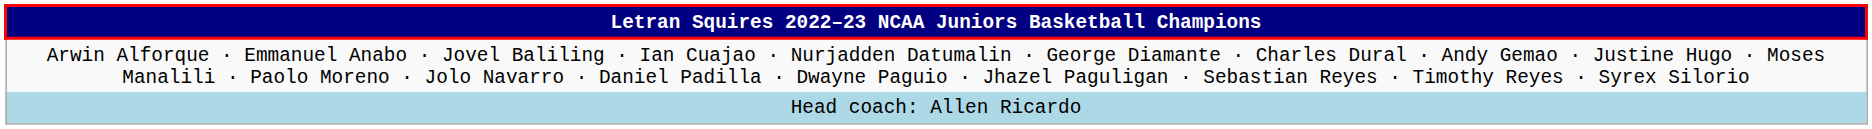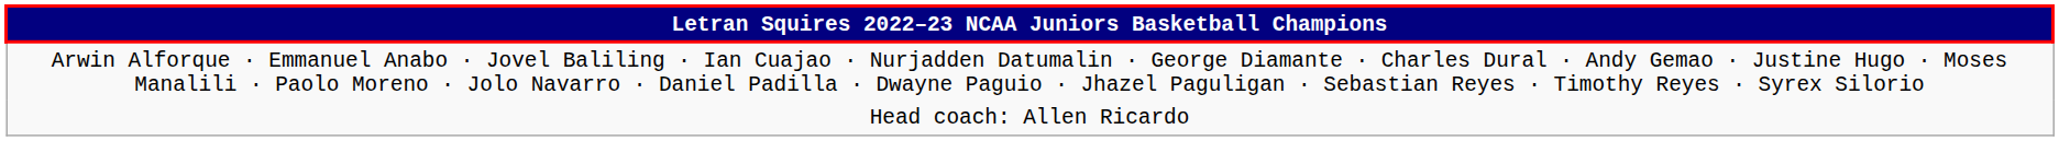 <table class="wikitable" style="text-align: center">
 <tr>
 <th style = "background:#020080; border:2px solid red; color:white">Letran Squires 2022–23 NCAA Juniors Basketball Champions</th>
 </tr>
 <tr>
 <td style="border-style: none none none none;">Arwin Alforque · Emmanuel Anabo · Jovel Baliling · Ian Cuajao · Nurjadden Datumalin · George Diamante · Charles Dural · Andy Gemao · Justine Hugo · Moses Manalili · Paolo Moreno · Jolo Navarro · Daniel Padilla · Dwayne Paguio · Jhazel Paguligan · Sebastian Reyes · Timothy Reyes · Syrex Silorio</td>
 </tr>
 <tr>
-<td style="background: lightblue; border-style: none none none none;">Head coach: Allen Ricardo</td>
+<td style="border-style: none none none none;">Head coach: Allen Ricardo</td>
 </tr>
 </table>
